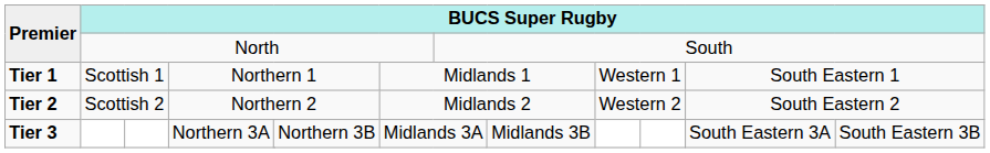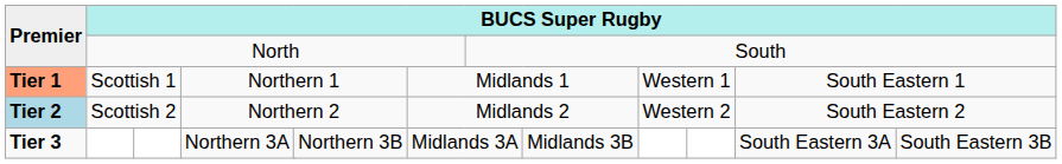 <table class="wikitable" style="text-align:center;">
 <tr>
 <th rowspan="2" style="font-weight:bold; background-color:#efefef;">Premier</th>
 <th colspan="21" style="background-color:#b5efed;">BUCS Super Rugby</th>
 </tr>
 <tr>
 <td colspan="9">North</td>
 <td colspan="12">South</td>
 </tr>
 <tr>
-<td style="font-weight:bold; text-align:left;">Tier 1</td>
+<td style="background: lightsalmon; font-weight:bold; text-align:left;">Tier 1</td>
 <td colspan="4">Scottish 1</td>
 <td colspan="4">Northern 1</td>
 <td colspan="4">Midlands 1</td>
 <td colspan="4">Western 1</td>
 <td colspan="4">South Eastern 1</td>
 </tr>
 <tr>
-<td style="font-weight:bold; text-align:left;">Tier 2</td>
+<td style="background: lightblue; font-weight:bold; text-align:left;">Tier 2</td>
 <td colspan="4">Scottish 2</td>
 <td colspan="4">Northern 2</td>
 <td colspan="4">Midlands 2</td>
 <td colspan="4">Western 2</td>
 <td colspan="4">South Eastern 2</td>
 </tr>
 <tr>
 <td style="font-weight:bold; text-align:left;">Tier 3</td>
 <td colspan="2" style="background-color:#ffffff;"></td>
 <td colspan="2" style="background-color:#ffffff;"></td>
 <td colspan="2">Northern 3A</td>
 <td colspan="2">Northern 3B</td>
 <td colspan="2">Midlands 3A</td>
 <td colspan="2">Midlands 3B</td>
 <td colspan="2" style="background-color:#ffffff;"></td>
 <td colspan="2" style="background-color:#ffffff;"></td>
 <td colspan="2">South Eastern 3A</td>
 <td colspan="2">South Eastern 3B</td>
 </tr>
 </table>
